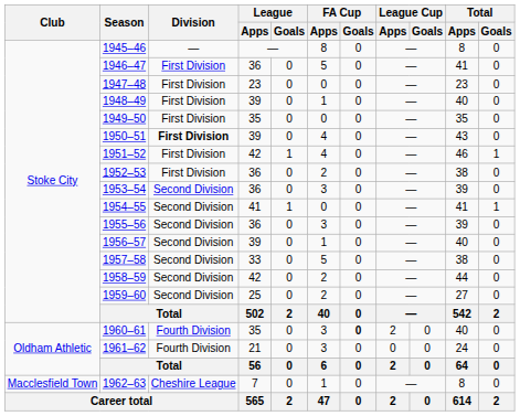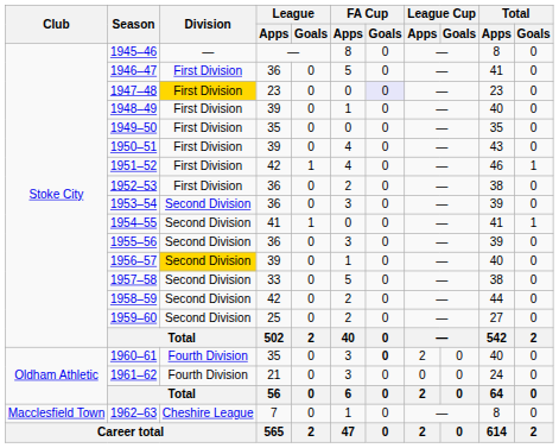 <table class="wikitable" style="text-align: center;">
 <tr>
 <th rowspan="2">Club</th>
 <th rowspan="2">Season</th>
 <th rowspan="2">Division</th>
 <th colspan="2">League</th>
 <th colspan="2">FA Cup</th>
 <th colspan="2">League Cup</th>
 <th colspan="2">Total</th>
 </tr>
 <tr>
 <th>Apps</th>
 <th>Goals</th>
 <th>Apps</th>
 <th>Goals</th>
 <th>Apps</th>
 <th>Goals</th>
 <th>Apps</th>
 <th>Goals</th>
 </tr>
 <tr>
 <td rowspan="16"><a href='#'>Stoke City</a></td>
 <td><a href='#'>1945–46</a></td>
 <td>—</td>
 <td colspan="2">—</td>
 <td>8</td>
 <td>0</td>
 <td colspan="2">—</td>
 <td>8</td>
 <td>0</td>
 </tr>
 <tr>
 <td><a href='#'>1946–47</a></td>
 <td><a href='#'>First Division</a></td>
 <td>36</td>
 <td>0</td>
 <td>5</td>
 <td>0</td>
 <td colspan="2">—</td>
 <td>41</td>
 <td>0</td>
 </tr>
 <tr>
 <td><a href='#'>1947–48</a></td>
-<td>First Division</td>
+<td style="background: gold;">First Division</td>
 <td>23</td>
 <td>0</td>
 <td>0</td>
-<td>0</td>
+<td style="background: lavender;">0</td>
 <td colspan="2">—</td>
 <td>23</td>
 <td>0</td>
 </tr>
 <tr>
 <td><a href='#'>1948–49</a></td>
 <td>First Division</td>
 <td>39</td>
 <td>0</td>
 <td>1</td>
 <td>0</td>
 <td colspan="2">—</td>
 <td>40</td>
 <td>0</td>
 </tr>
 <tr>
 <td><a href='#'>1949–50</a></td>
 <td>First Division</td>
 <td>35</td>
 <td>0</td>
 <td>0</td>
 <td>0</td>
 <td colspan="2">—</td>
 <td>35</td>
 <td>0</td>
 </tr>
 <tr>
 <td><a href='#'>1950–51</a></td>
-<td><strong>First Division</strong></td>
+<td>First Division</td>
 <td>39</td>
 <td>0</td>
 <td>4</td>
 <td>0</td>
 <td colspan="2">—</td>
 <td>43</td>
 <td>0</td>
 </tr>
 <tr>
 <td><a href='#'>1951–52</a></td>
 <td>First Division</td>
 <td>42</td>
 <td>1</td>
 <td>4</td>
 <td>0</td>
 <td colspan="2">—</td>
 <td>46</td>
 <td>1</td>
 </tr>
 <tr>
 <td><a href='#'>1952–53</a></td>
 <td>First Division</td>
 <td>36</td>
 <td>0</td>
 <td>2</td>
 <td>0</td>
 <td colspan="2">—</td>
 <td>38</td>
 <td>0</td>
 </tr>
 <tr>
 <td><a href='#'>1953–54</a></td>
 <td><a href='#'>Second Division</a></td>
 <td>36</td>
 <td>0</td>
 <td>3</td>
 <td>0</td>
 <td colspan="2">—</td>
 <td>39</td>
 <td>0</td>
 </tr>
 <tr>
 <td><a href='#'>1954–55</a></td>
 <td>Second Division</td>
 <td>41</td>
 <td>1</td>
 <td>0</td>
 <td>0</td>
 <td colspan="2">—</td>
 <td>41</td>
 <td>1</td>
 </tr>
 <tr>
 <td><a href='#'>1955–56</a></td>
 <td>Second Division</td>
 <td>36</td>
 <td>0</td>
 <td>3</td>
 <td>0</td>
 <td colspan="2">—</td>
 <td>39</td>
 <td>0</td>
 </tr>
 <tr>
 <td><a href='#'>1956–57</a></td>
-<td>Second Division</td>
+<td style="background: gold;">Second Division</td>
 <td>39</td>
 <td>0</td>
 <td>1</td>
 <td>0</td>
 <td colspan="2">—</td>
 <td>40</td>
 <td>0</td>
 </tr>
 <tr>
 <td><a href='#'>1957–58</a></td>
 <td>Second Division</td>
 <td>33</td>
 <td>0</td>
 <td>5</td>
 <td>0</td>
 <td colspan="2">—</td>
 <td>38</td>
 <td>0</td>
 </tr>
 <tr>
 <td><a href='#'>1958–59</a></td>
 <td>Second Division</td>
 <td>42</td>
 <td>0</td>
 <td>2</td>
 <td>0</td>
 <td colspan="2">—</td>
 <td>44</td>
 <td>0</td>
 </tr>
 <tr>
 <td><a href='#'>1959–60</a></td>
 <td>Second Division</td>
 <td>25</td>
 <td>0</td>
 <td>2</td>
 <td>0</td>
 <td colspan="2">—</td>
 <td>27</td>
 <td>0</td>
 </tr>
 <tr>
 <th colspan="2">Total</th>
 <th>502</th>
 <th>2</th>
 <th>40</th>
 <th>0</th>
 <th colspan="2">—</th>
 <th>542</th>
 <th>2</th>
 </tr>
 <tr>
 <td rowspan="3"><a href='#'>Oldham Athletic</a></td>
 <td><a href='#'>1960–61</a></td>
 <td><a href='#'>Fourth Division</a></td>
 <td>35</td>
 <td>0</td>
 <td>3</td>
 <td><strong>0</strong></td>
 <td>2</td>
 <td>0</td>
 <td>40</td>
 <td>0</td>
 </tr>
 <tr>
 <td><a href='#'>1961–62</a></td>
 <td>Fourth Division</td>
 <td>21</td>
 <td>0</td>
 <td>3</td>
 <td>0</td>
 <td>0</td>
 <td>0</td>
 <td>24</td>
 <td>0</td>
 </tr>
 <tr>
 <th colspan="2">Total</th>
 <th>56</th>
 <th>0</th>
 <th>6</th>
 <th>0</th>
 <th>2</th>
 <th>0</th>
 <th>64</th>
 <th>0</th>
 </tr>
 <tr>
 <td><a href='#'>Macclesfield Town</a></td>
 <td><a href='#'>1962–63</a></td>
 <td><a href='#'>Cheshire League</a></td>
 <td>7</td>
 <td>0</td>
 <td>1</td>
 <td>0</td>
 <td colspan="2">—</td>
 <td>8</td>
 <td>0</td>
 </tr>
 <tr>
 <th colspan="3">Career total</th>
 <th>565</th>
 <th>2</th>
 <th>47</th>
 <th>0</th>
 <th>2</th>
 <th>0</th>
 <th>614</th>
 <th>2</th>
 </tr>
 </table>
